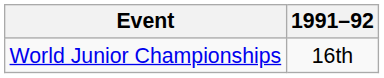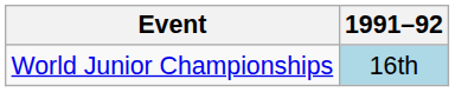 <table class="wikitable" style="text-align:center">
 <tr>
 <th>Event</th>
 <th>1991–92</th>
 </tr>
 <tr>
 <td align=left><a href='#'>World Junior Championships</a></td>
-<td>16th</td>
+<td style="background: lightblue;">16th</td>
 </tr>
 </table>
